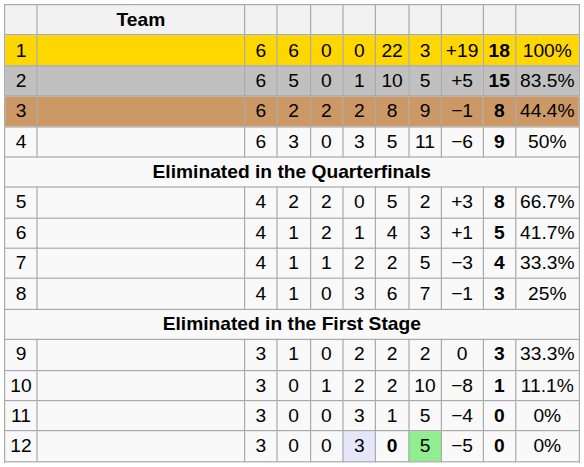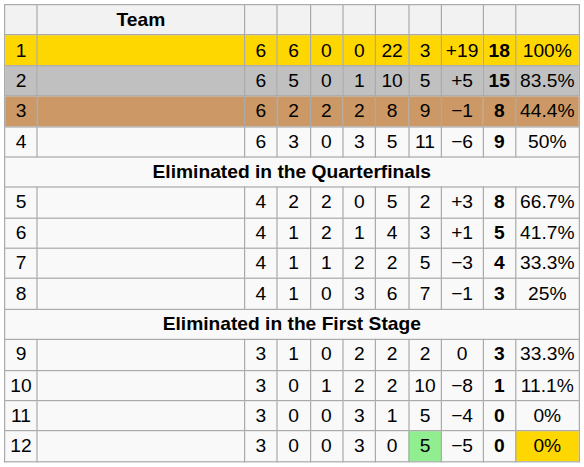 <table class="wikitable" style="text-align:center">
 <tr>
 <th width=20></th>
 <th width=165>Team</th>
 <th width=20></th>
 <th width=20></th>
 <th width=20></th>
 <th width=20></th>
 <th width=20></th>
 <th width=20></th>
 <th width=20></th>
 <th width=20></th>
 <th width=20></th>
 </tr>
 <tr bgcolor=gold>
 <td>1</td>
 <td align=left><strong></strong></td>
 <td>6</td>
 <td>6</td>
 <td>0</td>
 <td>0</td>
 <td>22</td>
 <td>3</td>
 <td>+19</td>
 <td><strong>18</strong></td>
 <td>100%</td>
 </tr>
 <tr bgcolor=silver>
 <td>2</td>
 <td align=left></td>
 <td>6</td>
 <td>5</td>
 <td>0</td>
 <td>1</td>
 <td>10</td>
 <td>5</td>
 <td>+5</td>
 <td><strong>15</strong></td>
 <td>83.5%</td>
 </tr>
 <tr bgcolor=cc9966>
 <td>3</td>
 <td align=left></td>
 <td>6</td>
 <td>2</td>
 <td>2</td>
 <td>2</td>
 <td>8</td>
 <td>9</td>
 <td>−1</td>
 <td><strong>8</strong></td>
 <td>44.4%</td>
 </tr>
 <tr>
 <td>4</td>
 <td align=left></td>
 <td>6</td>
 <td>3</td>
 <td>0</td>
 <td>3</td>
 <td>5</td>
 <td>11</td>
 <td>−6</td>
 <td><strong>9</strong></td>
 <td>50%</td>
 </tr>
 <tr>
 <td colspan=11><strong>Eliminated in the Quarterfinals</strong></td>
 </tr>
 <tr>
 <td>5</td>
 <td align=left></td>
 <td>4</td>
 <td>2</td>
 <td>2</td>
 <td>0</td>
 <td>5</td>
 <td>2</td>
 <td>+3</td>
 <td><strong>8</strong></td>
 <td>66.7%</td>
 </tr>
 <tr>
 <td>6</td>
 <td align=left></td>
 <td>4</td>
 <td>1</td>
 <td>2</td>
 <td>1</td>
 <td>4</td>
 <td>3</td>
 <td>+1</td>
 <td><strong>5</strong></td>
 <td>41.7%</td>
 </tr>
 <tr>
 <td>7</td>
 <td align=left></td>
 <td>4</td>
 <td>1</td>
 <td>1</td>
 <td>2</td>
 <td>2</td>
 <td>5</td>
 <td>−3</td>
 <td><strong>4</strong></td>
 <td>33.3%</td>
 </tr>
 <tr>
 <td>8</td>
 <td align=left></td>
 <td>4</td>
 <td>1</td>
 <td>0</td>
 <td>3</td>
 <td>6</td>
 <td>7</td>
 <td>−1</td>
 <td><strong>3</strong></td>
 <td>25%</td>
 </tr>
 <tr>
 <td colspan=11><strong>Eliminated in the First Stage</strong></td>
 </tr>
 <tr>
 <td>9</td>
 <td align=left></td>
 <td>3</td>
 <td>1</td>
 <td>0</td>
 <td>2</td>
 <td>2</td>
 <td>2</td>
 <td>0</td>
 <td><strong>3</strong></td>
 <td>33.3%</td>
 </tr>
 <tr>
 <td>10</td>
 <td align=left></td>
 <td>3</td>
 <td>0</td>
 <td>1</td>
 <td>2</td>
 <td>2</td>
 <td>10</td>
 <td>−8</td>
 <td><strong>1</strong></td>
 <td>11.1%</td>
 </tr>
 <tr>
 <td>11</td>
 <td align=left></td>
 <td>3</td>
 <td>0</td>
 <td>0</td>
 <td>3</td>
 <td>1</td>
 <td>5</td>
 <td>−4</td>
 <td><strong>0</strong></td>
 <td>0%</td>
 </tr>
 <tr>
 <td>12</td>
 <td align=left></td>
 <td>3</td>
 <td>0</td>
 <td>0</td>
-<td style="background: lavender;">3</td>
-<td><strong>0</strong></td>
+<td>3</td>
+<td>0</td>
 <td style="background: lightgreen;">5</td>
 <td>−5</td>
 <td><strong>0</strong></td>
-<td>0%</td>
+<td style="background: gold;">0%</td>
 </tr>
 </table>
